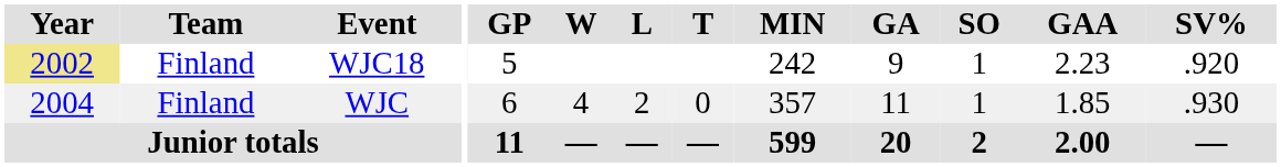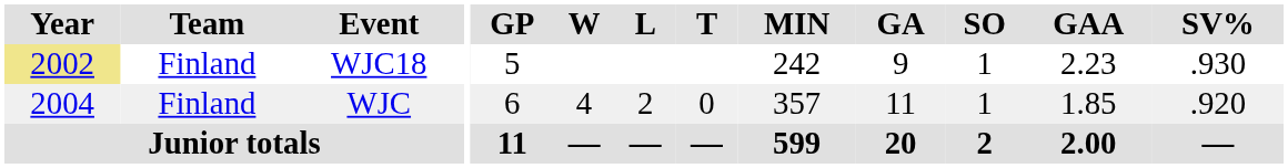 <table border="0" cellpadding="1" cellspacing="0" ID="Table3" style="text-align:center; width:40em">
 <tr ALIGN="center" bgcolor="#e0e0e0">
 <th>Year</th>
 <th>Team</th>
 <th>Event</th>
 <th rowspan="99" bgcolor="#ffffff"></th>
 <th>GP</th>
 <th>W</th>
 <th>L</th>
 <th>T</th>
 <th>MIN</th>
 <th>GA</th>
 <th>SO</th>
 <th>GAA</th>
 <th>SV%</th>
 </tr>
 <tr>
 <td style="background: khaki;"><a href='#'>2002</a></td>
 <td><a href='#'>Finland</a></td>
 <td><a href='#'>WJC18</a></td>
 <td>5</td>
 <td></td>
 <td></td>
 <td></td>
 <td>242</td>
 <td>9</td>
 <td>1</td>
 <td>2.23</td>
-<td>.920</td>
+<td>.930</td>
 </tr>
 <tr bgcolor="#f0f0f0">
 <td><a href='#'>2004</a></td>
 <td><a href='#'>Finland</a></td>
 <td><a href='#'>WJC</a></td>
 <td>6</td>
 <td>4</td>
 <td>2</td>
 <td>0</td>
 <td>357</td>
 <td>11</td>
 <td>1</td>
 <td>1.85</td>
-<td>.930</td>
+<td>.920</td>
 </tr>
 <tr style="background:#e0e0e0;">
 <th colspan="3">Junior totals</th>
 <th>11</th>
 <th>—</th>
 <th>—</th>
 <th>—</th>
 <th>599</th>
 <th>20</th>
 <th>2</th>
 <th>2.00</th>
 <th>—</th>
 </tr>
 </table>
